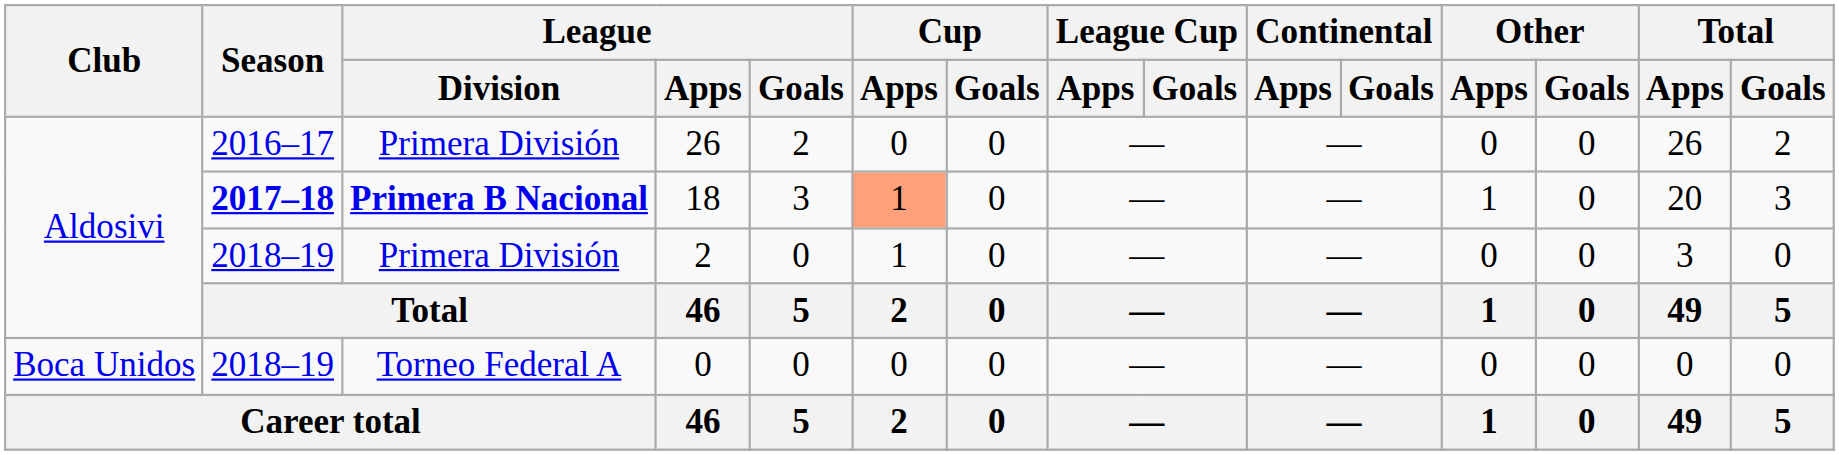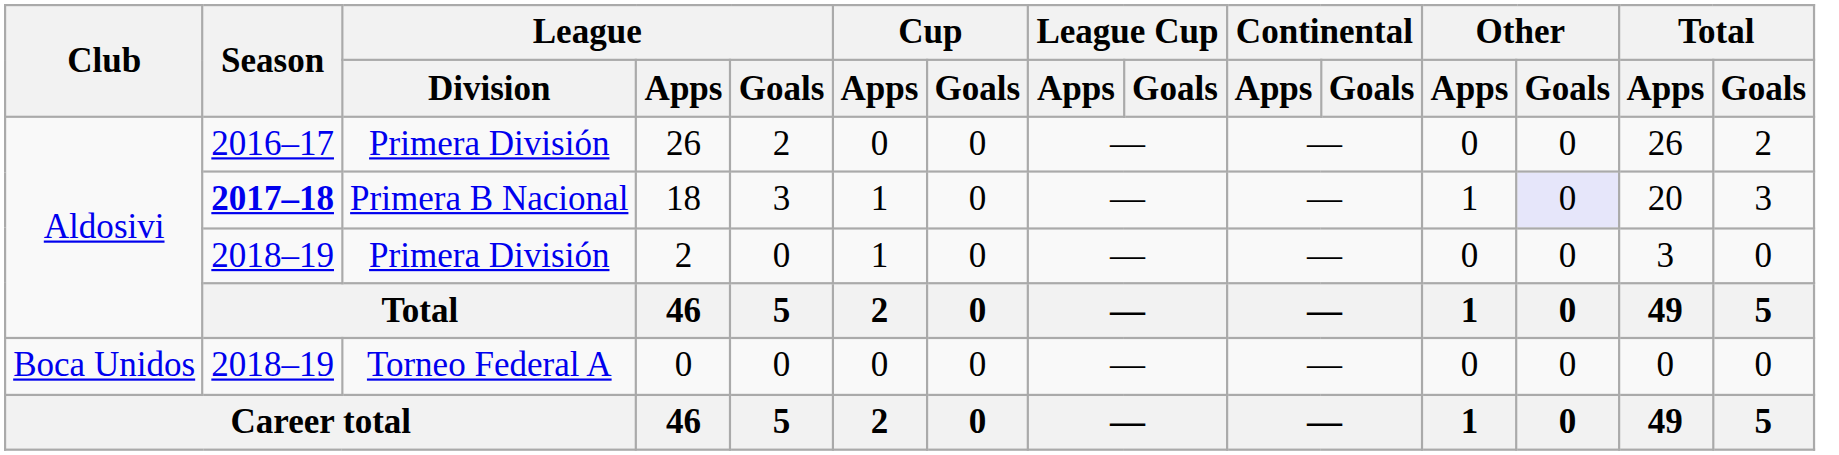 <table class="wikitable" style="text-align:center">
 <tr>
 <th rowspan="2">Club</th>
 <th rowspan="2">Season</th>
 <th colspan="3">League</th>
 <th colspan="2">Cup</th>
 <th colspan="2">League Cup</th>
 <th colspan="2">Continental</th>
 <th colspan="2">Other</th>
 <th colspan="2">Total</th>
 </tr>
 <tr>
 <th>Division</th>
 <th>Apps</th>
 <th>Goals</th>
 <th>Apps</th>
 <th>Goals</th>
 <th>Apps</th>
 <th>Goals</th>
 <th>Apps</th>
 <th>Goals</th>
 <th>Apps</th>
 <th>Goals</th>
 <th>Apps</th>
 <th>Goals</th>
 </tr>
 <tr>
 <td rowspan="4"><a href='#'>Aldosivi</a></td>
 <td><a href='#'>2016–17</a></td>
 <td rowspan="1"><a href='#'>Primera División</a></td>
 <td>26</td>
 <td>2</td>
 <td>0</td>
 <td>0</td>
 <td colspan="2">—</td>
 <td colspan="2">—</td>
 <td>0</td>
 <td>0</td>
 <td>26</td>
 <td>2</td>
 </tr>
 <tr>
 <td><strong><a href='#'>2017–18</a></strong></td>
-<td rowspan="1"><strong><a href='#'>Primera B Nacional</a></strong></td>
+<td rowspan="1"><a href='#'>Primera B Nacional</a></td>
 <td>18</td>
 <td>3</td>
-<td style="background: lightsalmon;">1</td>
+<td>1</td>
 <td>0</td>
 <td colspan="2">—</td>
 <td colspan="2">—</td>
 <td>1</td>
-<td>0</td>
+<td style="background: lavender;">0</td>
 <td>20</td>
 <td>3</td>
 </tr>
 <tr>
 <td><a href='#'>2018–19</a></td>
 <td rowspan="1"><a href='#'>Primera División</a></td>
 <td>2</td>
 <td>0</td>
 <td>1</td>
 <td>0</td>
 <td colspan="2">—</td>
 <td colspan="2">—</td>
 <td>0</td>
 <td>0</td>
 <td>3</td>
 <td>0</td>
 </tr>
 <tr>
 <th colspan="2">Total</th>
 <th>46</th>
 <th>5</th>
 <th>2</th>
 <th>0</th>
 <th colspan="2">—</th>
 <th colspan="2">—</th>
 <th>1</th>
 <th>0</th>
 <th>49</th>
 <th>5</th>
 </tr>
 <tr>
 <td rowspan="1"><a href='#'>Boca Unidos</a></td>
 <td><a href='#'>2018–19</a></td>
 <td rowspan="1"><a href='#'>Torneo Federal A</a></td>
 <td>0</td>
 <td>0</td>
 <td>0</td>
 <td>0</td>
 <td colspan="2">—</td>
 <td colspan="2">—</td>
 <td>0</td>
 <td>0</td>
 <td>0</td>
 <td>0</td>
 </tr>
 <tr>
 <th colspan="3">Career total</th>
 <th>46</th>
 <th>5</th>
 <th>2</th>
 <th>0</th>
 <th colspan="2">—</th>
 <th colspan="2">—</th>
 <th>1</th>
 <th>0</th>
 <th>49</th>
 <th>5</th>
 </tr>
 </table>
